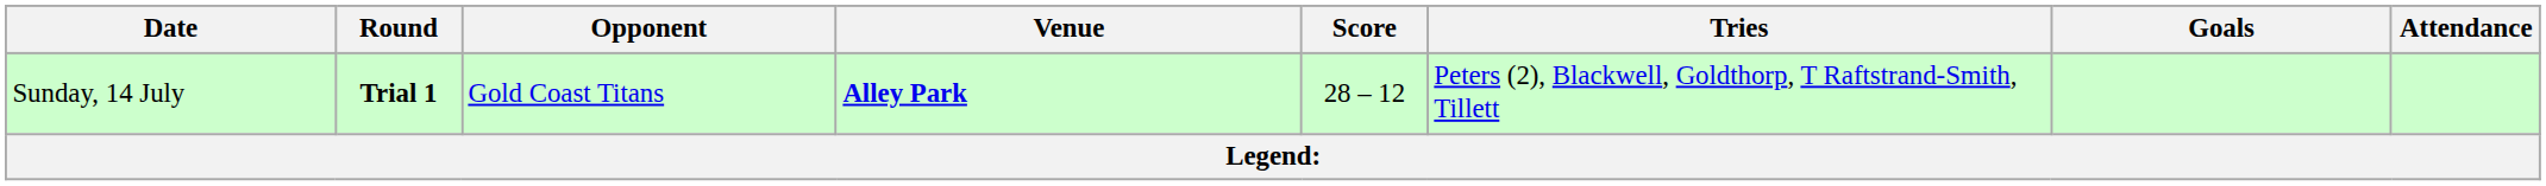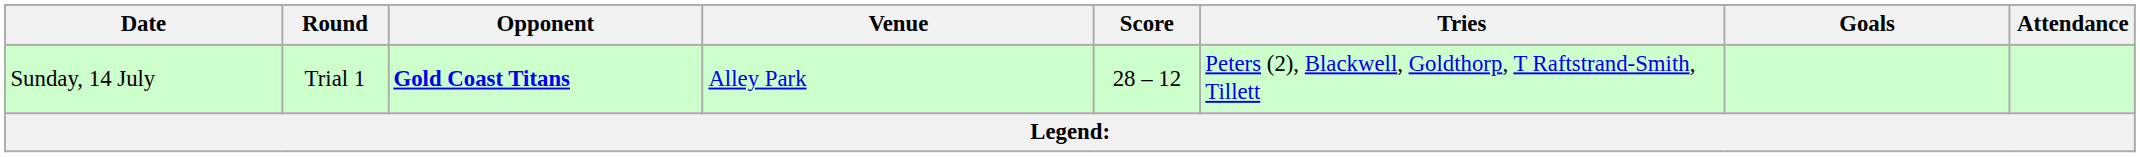 <table class="wikitable" style="font-size:75%;">
 <tr>
 <th style="width:140px;">Date</th>
 <th style="width:50px;">Round</th>
 <th style="width:160px;">Opponent</th>
 <th style="width:200px;">Venue</th>
 <th style="width:50px;">Score</th>
 <th style="width:270px;">Tries</th>
 <th style="width:145px;">Goals</th>
 <th style="width:60px;">Attendance</th>
 </tr>
 <tr style="background:#CCFFCC">
 <td>Sunday, 14 July</td>
-<td style="text-align:center;"><strong>Trial 1</strong></td>
-<td> <a href='#'>Gold Coast Titans</a></td>
-<td><strong><a href='#'>Alley Park</a></strong></td>
+<td style="text-align:center;">Trial 1</td>
+<td><strong> <a href='#'>Gold Coast Titans</a></strong></td>
+<td><a href='#'>Alley Park</a></td>
 <td style="text-align:center;">28 – 12</td>
 <td><a href='#'>Peters</a> (2), <a href='#'>Blackwell</a>, <a href='#'>Goldthorp</a>, <a href='#'>T Raftstrand-Smith</a>, <a href='#'>Tillett</a></td>
 <td></td>
 <td style="text-align:center;"></td>
 </tr>
 <tr>
 <th colspan="11"><strong>Legend</strong>:    </th>
 </tr>
 </table>
